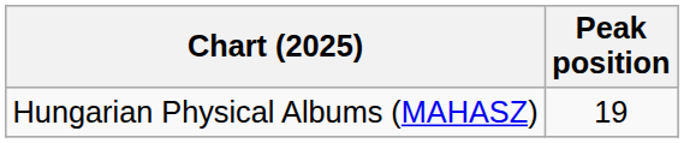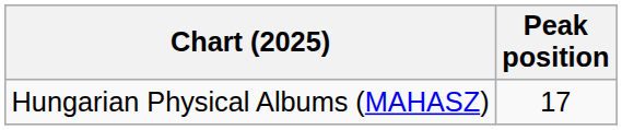 <table class="wikitable">
 <tr>
 <th>Chart (2025)</th>
 <th>Peak<br>position</th>
 </tr>
 <tr>
 <td>Hungarian Physical Albums (<a href='#'>MAHASZ</a>)</td>
-<td style="text-align:center;">19</td>
+<td style="text-align:center;">17</td>
 </tr>
 </table>
